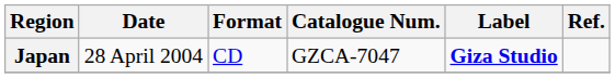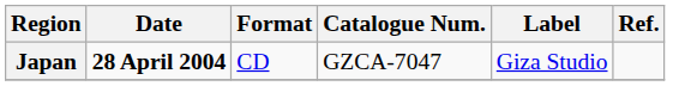 <table class="wikitable sortable plainrowheaders">
 <tr>
 <th scope="col">Region</th>
 <th scope="col">Date</th>
 <th scope="col">Format</th>
 <th scope="col">Catalogue Num.</th>
 <th scope="col">Label</th>
 <th scope="col">Ref.</th>
 </tr>
 <tr>
 <th scope="row">Japan</th>
-<td>28 April 2004</td>
+<td><strong>28 April 2004</strong></td>
 <td><a href='#'>CD</a></td>
 <td>GZCA-7047</td>
-<td><strong><a href='#'>Giza Studio</a></strong></td>
+<td><a href='#'>Giza Studio</a></td>
 <td></td>
 </tr>
 <tr>
 </tr>
 </table>
